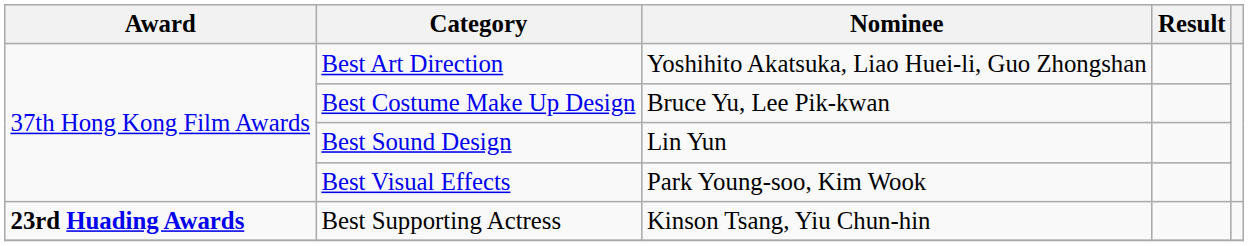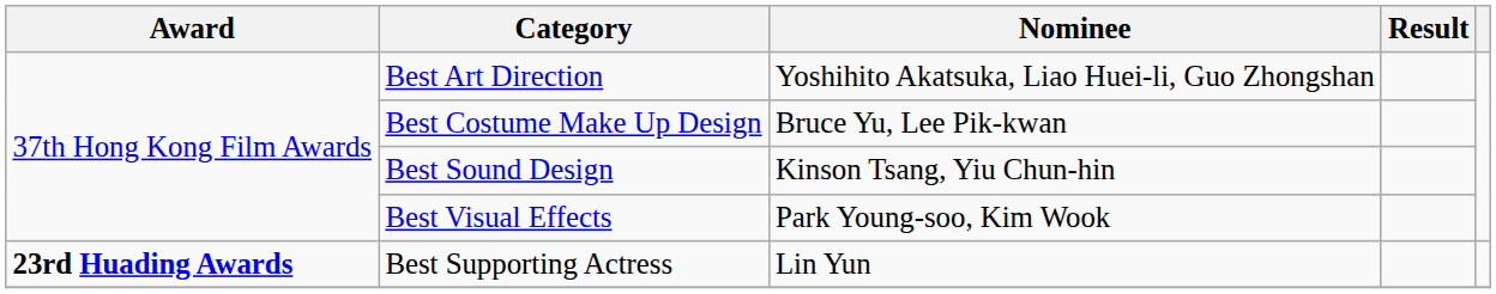 <table class=wikitable>
 <tr>
 <th>Award</th>
 <th>Category</th>
 <th>Nominee</th>
 <th>Result</th>
 <th></th>
 </tr>
 <tr>
 <td rowspan=4><a href='#'>37th Hong Kong Film Awards</a></td>
 <td><a href='#'>Best Art Direction</a></td>
 <td>Yoshihito Akatsuka, Liao Huei-li, Guo Zhongshan</td>
 <td></td>
 <td rowspan=4></td>
 </tr>
 <tr>
 <td><a href='#'>Best Costume Make Up Design</a></td>
 <td>Bruce Yu, Lee Pik-kwan</td>
 <td></td>
 </tr>
 <tr>
 <td><a href='#'>Best Sound Design</a></td>
-<td>Lin Yun</td>
+<td>Kinson Tsang, Yiu Chun-hin</td>
 <td></td>
 </tr>
 <tr>
 <td><a href='#'>Best Visual Effects</a></td>
 <td>Park Young-soo, Kim Wook</td>
 <td></td>
 </tr>
 <tr>
 <td><strong>23rd <a href='#'>Huading Awards</a></strong></td>
 <td>Best Supporting Actress</td>
-<td>Kinson Tsang, Yiu Chun-hin</td>
+<td>Lin Yun</td>
 <td></td>
 <td></td>
 </tr>
 <tr>
 </tr>
 </table>
